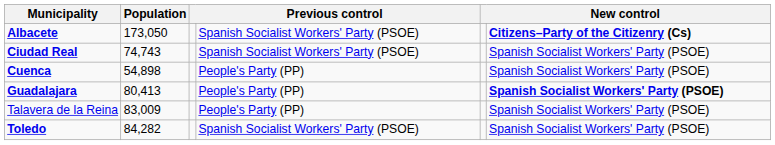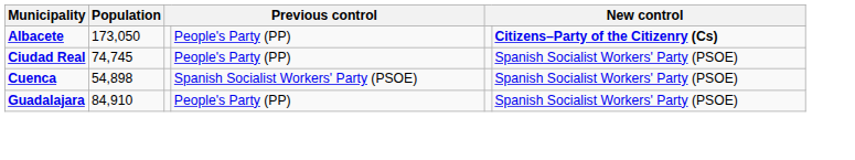 <table class="wikitable sortable">
 <tr>
 <th>Municipality</th>
 <th>Population</th>
 <th colspan="2" style="width:375px;">Previous control</th>
 <th colspan="2" style="width:375px;">New control</th>
 </tr>
 <tr>
 <td><strong><a href='#'>Albacete</a></strong></td>
 <td>173,050</td>
 <td width="1" style="color:inherit;background:"></td>
-<td><a href='#'>Spanish Socialist Workers' Party</a> (PSOE)</td>
+<td><a href='#'>People's Party</a> (PP)</td>
 <td width="1" style="color:inherit;background:"></td>
 <td><strong><a href='#'>Citizens–Party of the Citizenry</a> (Cs) </strong></td>
 </tr>
 <tr>
 <td><strong><a href='#'>Ciudad Real</a></strong></td>
-<td>74,743</td>
+<td>74,745</td>
 <td style="color:inherit;background:"></td>
-<td><a href='#'>Spanish Socialist Workers' Party</a> (PSOE)</td>
+<td><a href='#'>People's Party</a> (PP)</td>
 <td style="color:inherit;background:"></td>
 <td><a href='#'>Spanish Socialist Workers' Party</a> (PSOE)</td>
 </tr>
 <tr>
 <td><strong><a href='#'>Cuenca</a></strong></td>
 <td>54,898</td>
 <td style="color:inherit;background:"></td>
-<td><a href='#'>People's Party</a> (PP)</td>
+<td><a href='#'>Spanish Socialist Workers' Party</a> (PSOE)</td>
 <td style="color:inherit;background:"></td>
 <td><a href='#'>Spanish Socialist Workers' Party</a> (PSOE)</td>
 </tr>
 <tr>
 <td><strong><a href='#'>Guadalajara</a></strong></td>
-<td>80,413</td>
-<td style="color:inherit;background:"></td>
-<td><a href='#'>People's Party</a> (PP)</td>
-<td style="color:inherit;background:"></td>
-<td><strong><a href='#'>Spanish Socialist Workers' Party</a> (PSOE)</strong></td>
-</tr>
-<tr>
-<td><a href='#'>Talavera de la Reina</a></td>
-<td>83,009</td>
+<td>84,910</td>
 <td style="color:inherit;background:"></td>
 <td><a href='#'>People's Party</a> (PP)</td>
 <td style="color:inherit;background:"></td>
 <td><a href='#'>Spanish Socialist Workers' Party</a> (PSOE)</td>
 </tr>
-<tr>
-<td><strong><a href='#'>Toledo</a></strong></td>
-<td>84,282</td>
-<td style="color:inherit;background:"></td>
-<td><a href='#'>Spanish Socialist Workers' Party</a> (PSOE)</td>
-<td style="color:inherit;background:"></td>
-<td><a href='#'>Spanish Socialist Workers' Party</a> (PSOE)</td>
-</tr>
 </table>
